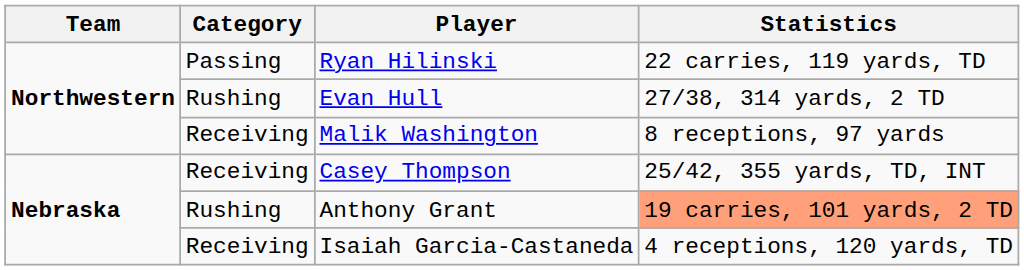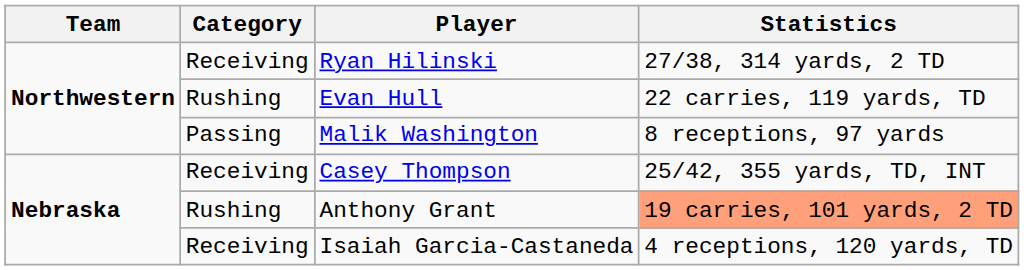 <table class="wikitable" style="float: right;">
 <tr>
 <th>Team</th>
 <th>Category</th>
 <th>Player</th>
 <th>Statistics</th>
 </tr>
 <tr>
 <td rowspan=3><strong>Northwestern</strong></td>
-<td>Passing</td>
+<td>Receiving</td>
 <td><a href='#'>Ryan Hilinski</a></td>
-<td>22 carries, 119 yards, TD</td>
+<td>27/38, 314 yards, 2 TD</td>
 </tr>
 <tr>
 <td>Rushing</td>
 <td><a href='#'>Evan Hull</a></td>
-<td>27/38, 314 yards, 2 TD</td>
+<td>22 carries, 119 yards, TD</td>
 </tr>
 <tr>
-<td>Receiving</td>
+<td>Passing</td>
 <td><a href='#'>Malik Washington</a></td>
 <td>8 receptions, 97 yards</td>
 </tr>
 <tr>
 <td rowspan=3><strong>Nebraska</strong></td>
 <td>Receiving</td>
 <td><a href='#'>Casey Thompson</a></td>
 <td>25/42, 355 yards, TD, INT</td>
 </tr>
 <tr>
 <td>Rushing</td>
 <td>Anthony Grant</td>
 <td style="background: lightsalmon;">19 carries, 101 yards, 2 TD</td>
 </tr>
 <tr>
 <td>Receiving</td>
 <td>Isaiah Garcia-Castaneda</td>
 <td>4 receptions, 120 yards, TD</td>
 </tr>
 </table>
